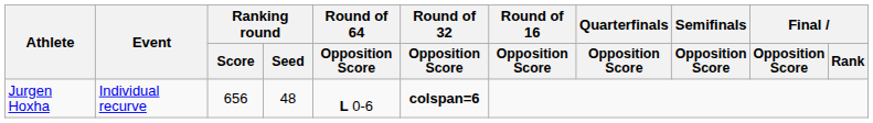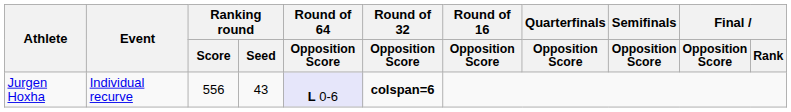 <table class="wikitable" style="font-size:90%">
 <tr>
 <th rowspan=2>Athlete</th>
 <th rowspan=2>Event</th>
 <th colspan=2>Ranking round</th>
 <th>Round of 64</th>
 <th>Round of 32</th>
 <th>Round of 16</th>
 <th>Quarterfinals</th>
 <th>Semifinals</th>
 <th colspan=2>Final / </th>
 </tr>
 <tr style="font-size:95%">
 <th>Score</th>
 <th>Seed</th>
 <th>Opposition<br>Score</th>
 <th>Opposition<br>Score</th>
 <th>Opposition<br>Score</th>
 <th>Opposition<br>Score</th>
 <th>Opposition<br>Score</th>
 <th>Opposition<br>Score</th>
 <th>Rank</th>
 </tr>
 <tr align=center>
 <td align=left><a href='#'>Jurgen Hoxha</a></td>
 <td style="text-align:left;"><a href='#'>Individual recurve</a></td>
-<td>656</td>
-<td>48</td>
-<td><br><strong>L</strong> 0-6</td>
+<td>556</td>
+<td>43</td>
+<td style="background: lavender;"><br><strong>L</strong> 0-6</td>
 <td><strong>colspan=6 </strong></td>
 </tr>
 </table>
